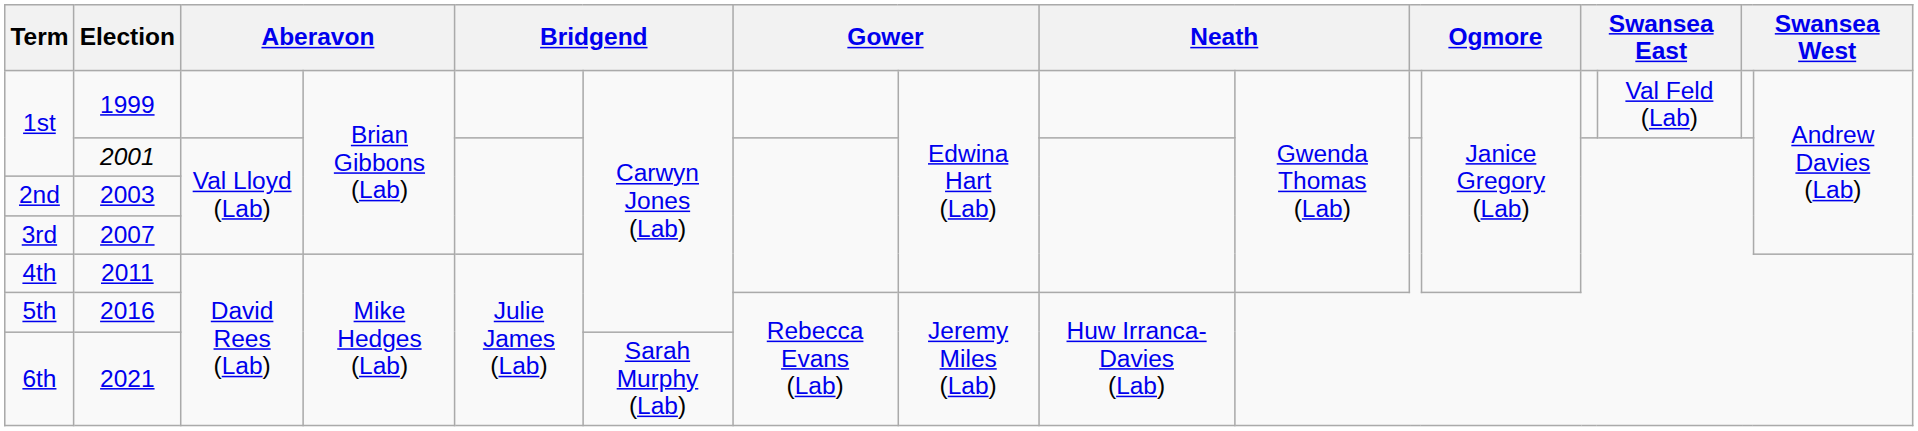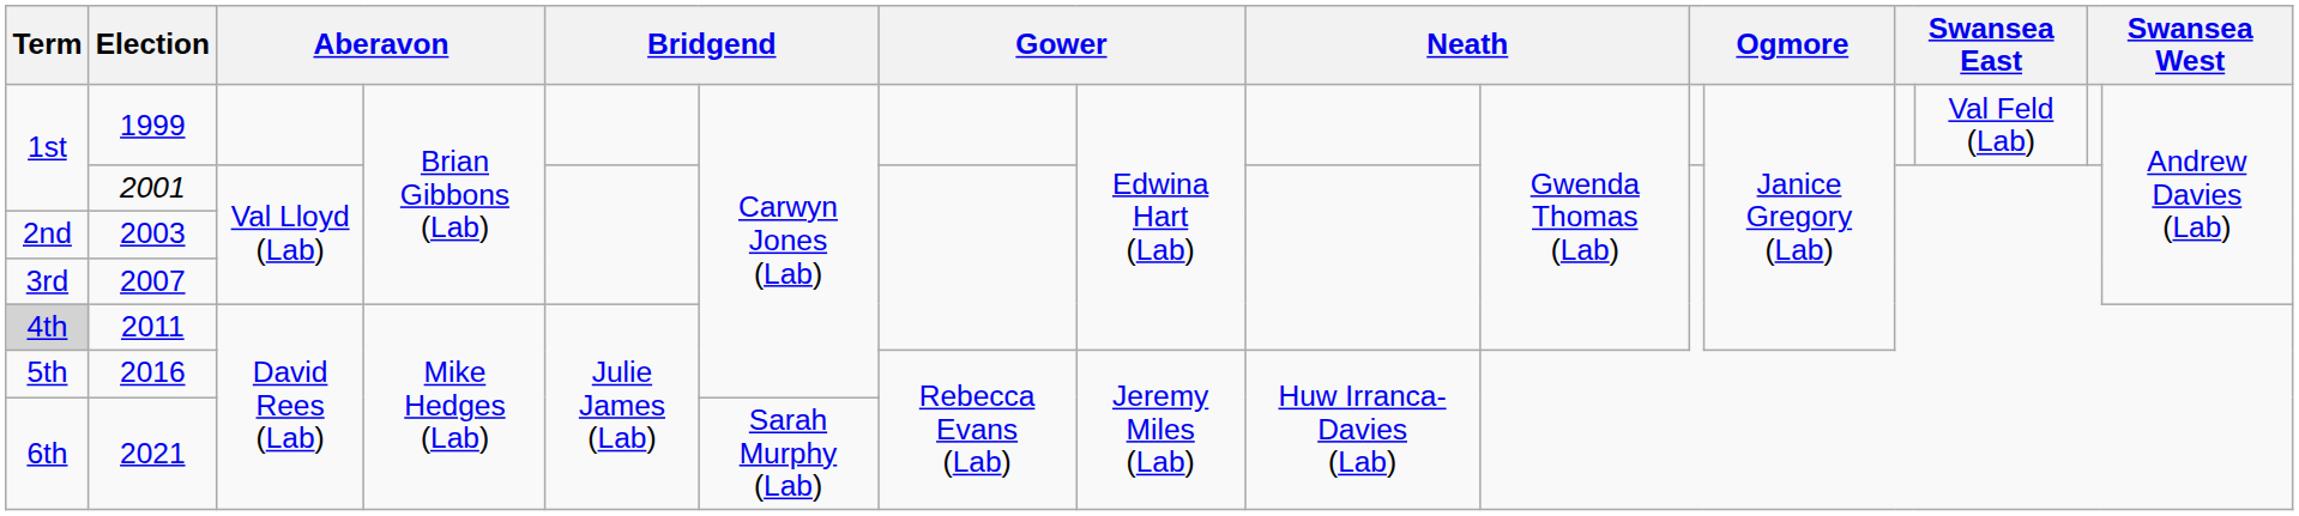 <table class="wikitable" style="text-align:center">
 <tr>
 <th>Term</th>
 <th>Election</th>
 <th colspan="2"><a href='#'>Aberavon</a></th>
 <th colspan="2"><a href='#'>Bridgend</a></th>
 <th colspan="2"><a href='#'>Gower</a></th>
 <th colspan="2"><a href='#'>Neath</a></th>
 <th colspan="2"><a href='#'>Ogmore</a></th>
 <th colspan="2"><a href='#'>Swansea East</a></th>
 <th colspan="2"><a href='#'>Swansea West</a></th>
 </tr>
 <tr>
 <td rowspan="2"><a href='#'>1st</a></td>
 <td><a href='#'>1999</a></td>
 <td></td>
 <td rowspan="4"><a href='#'>Brian Gibbons</a><br>(<a href='#'>Lab</a>)</td>
 <td></td>
 <td rowspan="6"><a href='#'>Carwyn Jones</a><br>(<a href='#'>Lab</a>)</td>
 <td></td>
 <td rowspan="5"><a href='#'>Edwina Hart</a><br>(<a href='#'>Lab</a>)</td>
 <td></td>
 <td rowspan="5"><a href='#'>Gwenda Thomas</a><br>(<a href='#'>Lab</a>)</td>
 <td></td>
 <td rowspan="5"><a href='#'>Janice Gregory</a><br>(<a href='#'>Lab</a>)</td>
 <td></td>
 <td><a href='#'>Val Feld</a><br>(<a href='#'>Lab</a>)</td>
 <td></td>
 <td rowspan="4"><a href='#'>Andrew Davies</a><br>(<a href='#'>Lab</a>)</td>
 </tr>
 <tr>
 <td><em>2001</em></td>
 <td rowspan="3"><a href='#'>Val Lloyd</a><br>(<a href='#'>Lab</a>)</td>
 </tr>
 <tr>
 <td><a href='#'>2nd</a></td>
 <td><a href='#'>2003</a></td>
 </tr>
 <tr>
 <td><a href='#'>3rd</a></td>
 <td><a href='#'>2007</a></td>
 </tr>
 <tr>
-<td><a href='#'>4th</a></td>
+<td style="background: lightgrey;"><a href='#'>4th</a></td>
 <td><a href='#'>2011</a></td>
 <td rowspan="3"><a href='#'>David Rees</a><br>(<a href='#'>Lab</a>)</td>
 <td rowspan="3"><a href='#'>Mike Hedges</a><br>(<a href='#'>Lab</a>)</td>
 <td rowspan="3"><a href='#'>Julie James</a><br>(<a href='#'>Lab</a>)</td>
 </tr>
 <tr>
 <td><a href='#'>5th</a></td>
 <td><a href='#'>2016</a></td>
 <td rowspan="2"><a href='#'>Rebecca Evans</a><br>(<a href='#'>Lab</a>)</td>
 <td rowspan="2"><a href='#'>Jeremy Miles</a><br>(<a href='#'>Lab</a>)</td>
 <td rowspan="2"><a href='#'>Huw Irranca-Davies</a><br>(<a href='#'>Lab</a>)</td>
 </tr>
 <tr>
 <td><a href='#'>6th</a></td>
 <td><a href='#'>2021</a></td>
 <td rowspan="2"><a href='#'>Sarah Murphy</a><br>(<a href='#'>Lab</a>)</td>
 </tr>
 </table>
